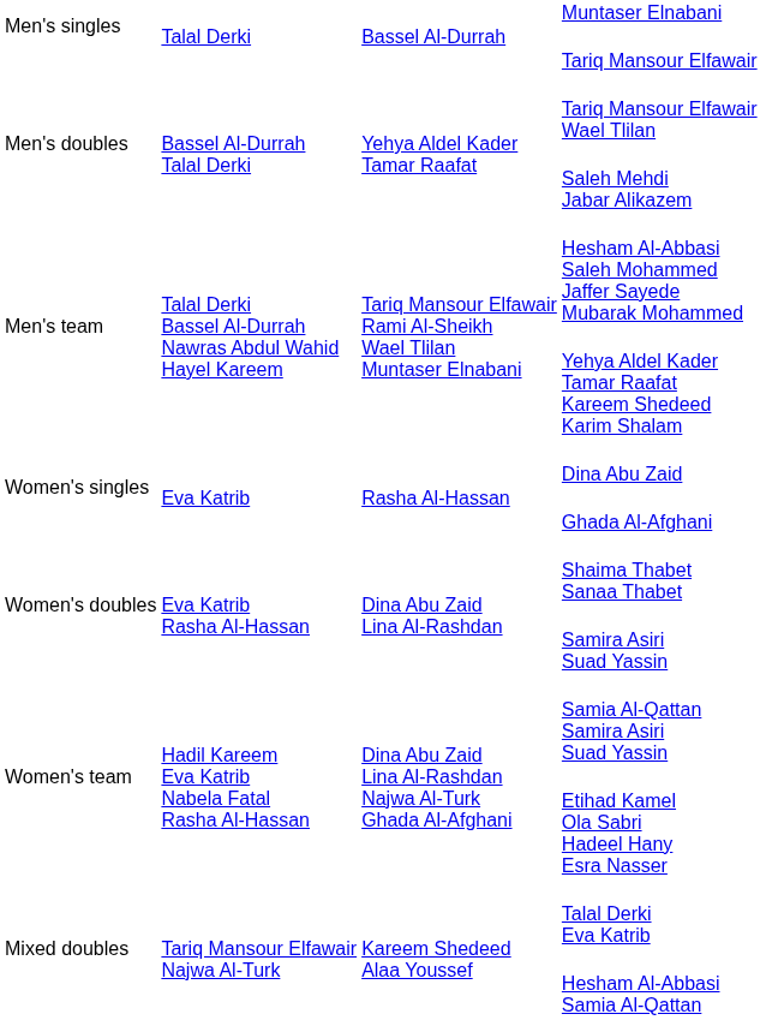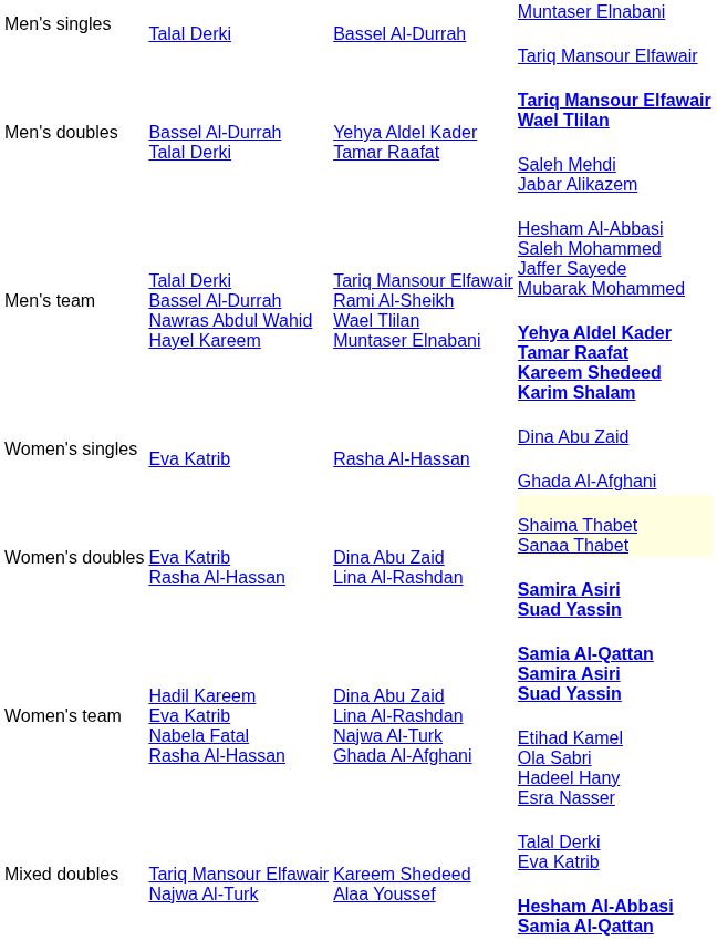 <table>
 <tr>
 <td rowspan=2>Men's singles</td>
 <td rowspan=2><br><a href='#'>Talal Derki</a></td>
 <td rowspan=2><br><a href='#'>Bassel Al-Durrah</a></td>
 <td><br><a href='#'>Muntaser Elnabani</a></td>
 </tr>
 <tr>
 <td><br><a href='#'>Tariq Mansour Elfawair</a></td>
 </tr>
 <tr>
 <td rowspan=2>Men's doubles</td>
 <td rowspan=2><br><a href='#'>Bassel Al-Durrah</a><br><a href='#'>Talal Derki</a></td>
 <td rowspan=2><br><a href='#'>Yehya Aldel Kader</a><br><a href='#'>Tamar Raafat</a></td>
-<td><br><a href='#'>Tariq Mansour Elfawair</a><br><a href='#'>Wael Tlilan</a></td>
+<td><strong><br><a href='#'>Tariq Mansour Elfawair</a><br><a href='#'>Wael Tlilan</a></strong></td>
 </tr>
 <tr>
 <td><br><a href='#'>Saleh Mehdi</a><br><a href='#'>Jabar Alikazem</a></td>
 </tr>
 <tr>
 <td rowspan=2>Men's team</td>
 <td rowspan=2><br><a href='#'>Talal Derki</a><br><a href='#'>Bassel Al-Durrah</a><br><a href='#'>Nawras Abdul Wahid</a><br><a href='#'>Hayel Kareem</a></td>
 <td rowspan=2><br><a href='#'>Tariq Mansour Elfawair</a><br><a href='#'>Rami Al-Sheikh</a><br><a href='#'>Wael Tlilan</a><br><a href='#'>Muntaser Elnabani</a></td>
 <td><br><a href='#'>Hesham Al-Abbasi</a><br><a href='#'>Saleh Mohammed</a><br><a href='#'>Jaffer Sayede</a><br><a href='#'>Mubarak Mohammed</a></td>
 </tr>
 <tr>
-<td><br><a href='#'>Yehya Aldel Kader</a><br><a href='#'>Tamar Raafat</a><br><a href='#'>Kareem Shedeed</a><br><a href='#'>Karim Shalam</a></td>
+<td><strong><br><a href='#'>Yehya Aldel Kader</a><br><a href='#'>Tamar Raafat</a><br><a href='#'>Kareem Shedeed</a><br><a href='#'>Karim Shalam</a></strong></td>
 </tr>
 <tr>
 <td rowspan=2>Women's singles</td>
 <td rowspan=2><br><a href='#'>Eva Katrib</a></td>
 <td rowspan=2><br><a href='#'>Rasha Al-Hassan</a></td>
 <td><br><a href='#'>Dina Abu Zaid</a></td>
 </tr>
 <tr>
 <td><br><a href='#'>Ghada Al-Afghani</a></td>
 </tr>
 <tr>
 <td rowspan=2>Women's doubles</td>
 <td rowspan=2><br><a href='#'>Eva Katrib</a><br><a href='#'>Rasha Al-Hassan</a></td>
 <td rowspan=2><br><a href='#'>Dina Abu Zaid</a><br><a href='#'>Lina Al-Rashdan</a></td>
-<td><br><a href='#'>Shaima Thabet</a><br><a href='#'>Sanaa Thabet</a></td>
+<td style="background: lightyellow;"><br><a href='#'>Shaima Thabet</a><br><a href='#'>Sanaa Thabet</a></td>
 </tr>
 <tr>
-<td><br><a href='#'>Samira Asiri</a><br><a href='#'>Suad Yassin</a></td>
+<td><strong><br><a href='#'>Samira Asiri</a><br><a href='#'>Suad Yassin</a></strong></td>
 </tr>
 <tr>
 <td rowspan=2>Women's team</td>
 <td rowspan=2><br><a href='#'>Hadil Kareem</a><br><a href='#'>Eva Katrib</a><br><a href='#'>Nabela Fatal</a><br><a href='#'>Rasha Al-Hassan</a></td>
 <td rowspan=2><br><a href='#'>Dina Abu Zaid</a><br><a href='#'>Lina Al-Rashdan</a><br><a href='#'>Najwa Al-Turk</a><br><a href='#'>Ghada Al-Afghani</a></td>
-<td><br><a href='#'>Samia Al-Qattan</a><br><a href='#'>Samira Asiri</a><br><a href='#'>Suad Yassin</a></td>
+<td><strong><br><a href='#'>Samia Al-Qattan</a><br><a href='#'>Samira Asiri</a><br><a href='#'>Suad Yassin</a></strong></td>
 </tr>
 <tr>
 <td><br><a href='#'>Etihad Kamel</a><br><a href='#'>Ola Sabri</a><br><a href='#'>Hadeel Hany</a><br><a href='#'>Esra Nasser</a></td>
 </tr>
 <tr>
 <td rowspan=2>Mixed doubles</td>
 <td rowspan=2><br><a href='#'>Tariq Mansour Elfawair</a><br><a href='#'>Najwa Al-Turk</a></td>
 <td rowspan=2><br><a href='#'>Kareem Shedeed</a><br><a href='#'>Alaa Youssef</a></td>
 <td><br><a href='#'>Talal Derki</a><br><a href='#'>Eva Katrib</a></td>
 </tr>
 <tr>
-<td><br><a href='#'>Hesham Al-Abbasi</a><br><a href='#'>Samia Al-Qattan</a></td>
+<td><strong><br><a href='#'>Hesham Al-Abbasi</a><br><a href='#'>Samia Al-Qattan</a></strong></td>
 </tr>
 </table>
